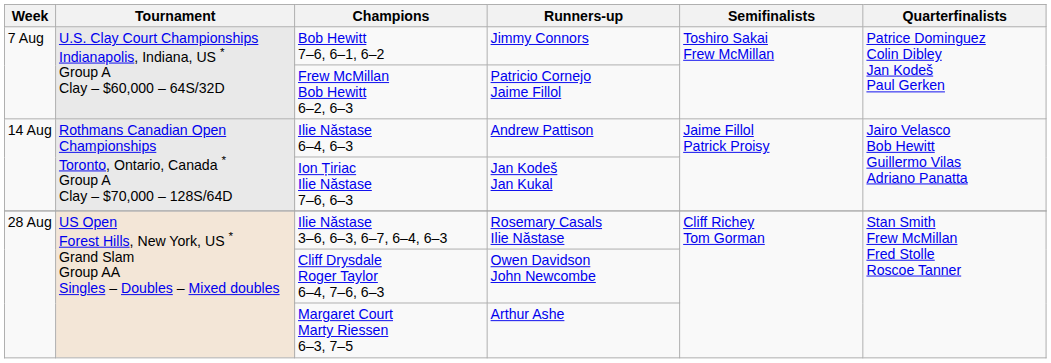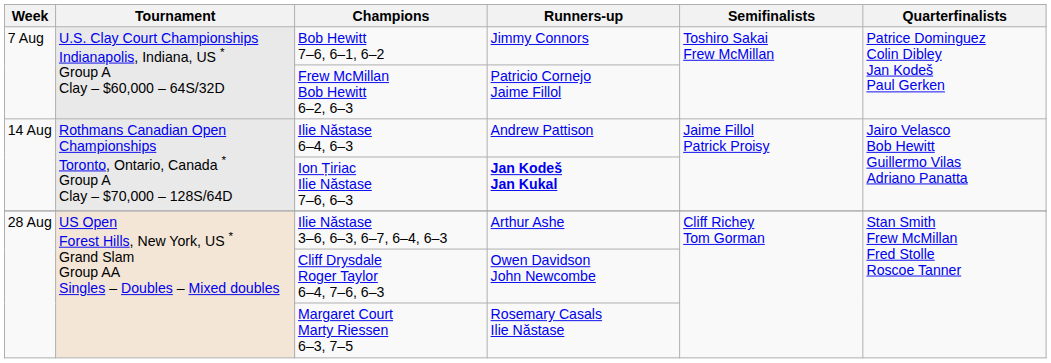 <table class=wikitable style=font-size:95%>
 <tr>
 <th style="width:48px;">Week</th>
 <th style="width:250px;">Tournament</th>
 <th style="width:200px;">Champions</th>
 <th style="width:200px;">Runners-up</th>
 <th style="width:190px;">Semifinalists</th>
 <th style="width:190px;">Quarterfinalists</th>
 </tr>
 <tr valign=top>
 <td rowspan=2>7 Aug</td>
 <td style="background:#E9E9E9;" rowspan="2"><a href='#'>U.S. Clay Court Championships</a> <br> <a href='#'>Indianapolis</a>, Indiana, US <sup>*</sup> <br> Group A <br> Clay – $60,000 – 64S/32D</td>
 <td> <a href='#'>Bob Hewitt</a> <br> 7–6, 6–1, 6–2</td>
 <td> <a href='#'>Jimmy Connors</a></td>
 <td rowspan=2> <a href='#'>Toshiro Sakai</a> <br>  <a href='#'>Frew McMillan</a></td>
 <td rowspan=2> <a href='#'>Patrice Dominguez</a> <br>  <a href='#'>Colin Dibley</a> <br>  <a href='#'>Jan Kodeš</a> <br>  <a href='#'>Paul Gerken</a></td>
 </tr>
 <tr valign=top>
 <td> <a href='#'>Frew McMillan</a> <br>  <a href='#'>Bob Hewitt</a> <br> 6–2, 6–3</td>
 <td> <a href='#'>Patricio Cornejo</a> <br>  <a href='#'>Jaime Fillol</a></td>
 </tr>
 <tr valign=top>
 <td rowspan=2>14 Aug</td>
 <td style="background:#E9E9E9;" rowspan="2"><a href='#'>Rothmans Canadian Open Championships</a> <br> <a href='#'>Toronto</a>, Ontario, Canada <sup>*</sup> <br> Group A <br> Clay – $70,000 – 128S/64D</td>
 <td> <a href='#'>Ilie Năstase</a> <br> 6–4, 6–3</td>
 <td> <a href='#'>Andrew Pattison</a></td>
 <td rowspan=2> <a href='#'>Jaime Fillol</a> <br>  <a href='#'>Patrick Proisy</a></td>
 <td rowspan=2> <a href='#'>Jairo Velasco</a> <br>  <a href='#'>Bob Hewitt</a> <br>  <a href='#'>Guillermo Vilas</a> <br>  <a href='#'>Adriano Panatta</a></td>
 </tr>
 <tr valign=top>
 <td> <a href='#'>Ion Țiriac</a> <br>  <a href='#'>Ilie Năstase</a> <br> 7–6, 6–3</td>
-<td> <a href='#'>Jan Kodeš</a> <br>  <a href='#'>Jan Kukal</a></td>
+<td><strong> <a href='#'>Jan Kodeš</a> <br>  <a href='#'>Jan Kukal</a></strong></td>
 </tr>
 <tr valign=top>
 </tr>
 <tr valign=top>
 <td rowspan=3>28 Aug</td>
 <td style="background:#F3E6D7;" rowspan="3"><a href='#'>US Open</a> <br> <a href='#'>Forest Hills</a>, New York, US <sup>*</sup> <br> Grand Slam <br> Group AA <br> <a href='#'>Singles</a> – <a href='#'>Doubles</a> – <a href='#'>Mixed doubles</a></td>
 <td> <a href='#'>Ilie Năstase</a> <br> 3–6, 6–3, 6–7, 6–4, 6–3</td>
-<td> <a href='#'>Rosemary Casals</a> <br>  <a href='#'>Ilie Năstase</a></td>
+<td> <a href='#'>Arthur Ashe</a></td>
 <td rowspan=3> <a href='#'>Cliff Richey</a> <br>  <a href='#'>Tom Gorman</a></td>
 <td rowspan=3> <a href='#'>Stan Smith</a> <br>  <a href='#'>Frew McMillan</a> <br>  <a href='#'>Fred Stolle</a> <br>  <a href='#'>Roscoe Tanner</a></td>
 </tr>
 <tr valign=top>
 <td> <a href='#'>Cliff Drysdale</a> <br>  <a href='#'>Roger Taylor</a> <br> 6–4, 7–6, 6–3</td>
 <td> <a href='#'>Owen Davidson</a> <br>  <a href='#'>John Newcombe</a></td>
 </tr>
 <tr valign=top>
 <td> <a href='#'>Margaret Court</a> <br>  <a href='#'>Marty Riessen</a> <br> 6–3, 7–5</td>
-<td> <a href='#'>Arthur Ashe</a></td>
+<td> <a href='#'>Rosemary Casals</a> <br>  <a href='#'>Ilie Năstase</a></td>
 </tr>
 </table>
